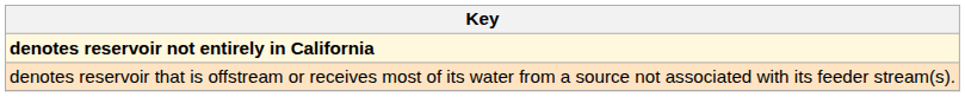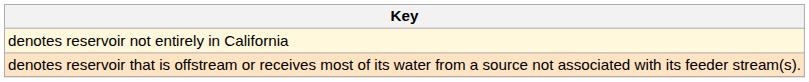 <table class="wikitable">
 <tr>
 <th>Key</th>
 </tr>
 <tr>
-<td bgcolor="#FFF8DC"><strong> denotes reservoir not entirely in California</strong></td>
+<td bgcolor="#FFF8DC"> denotes reservoir not entirely in California</td>
 </tr>
 <tr>
 <td bgcolor="#FFE4C4"> denotes reservoir that is offstream or receives most of its water from a source not associated with its feeder stream(s).</td>
 </tr>
 <tr>
 </tr>
 </table>
